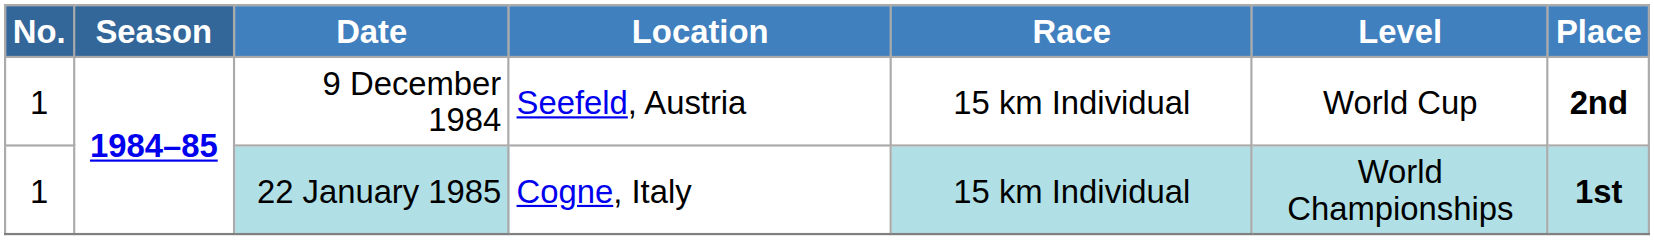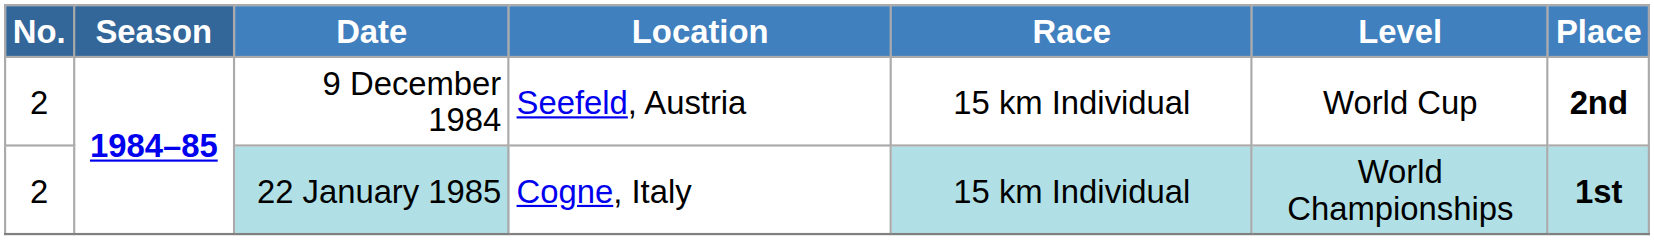 <table class="wikitable sortable" style="font-size:95%; text-align:center; border:grey solid 1px; border-collapse:collapse; background:#ffffff;">
 <tr style="background:#efefef;">
 <th style="background-color:#369; color:white;">No.</th>
 <th style="background-color:#369; color:white;">Season</th>
 <th style="background-color:#4180be; color:white; width:120px;">Date</th>
 <th style="background-color:#4180be; color:white; width:170px;">Location</th>
 <th style="background-color:#4180be; color:white; width:160px;">Race</th>
 <th style="background-color:#4180be; color:white; width:130px;">Level</th>
 <th style="background-color:#4180be; color:white;">Place</th>
 </tr>
 <tr>
-<td align=center>1</td>
+<td align=center>2</td>
 <td rowspan=2 align=center><strong> <a href='#'>1984–85</a> </strong></td>
 <td align=right>9 December 1984</td>
 <td align=left> <a href='#'>Seefeld</a>, Austria</td>
 <td>15 km Individual</td>
 <td>World Cup</td>
 <td><strong>2nd</strong></td>
 </tr>
 <tr>
-<td align=center>1</td>
+<td align=center>2</td>
 <td bgcolor="#BOEOE6" align=right>22 January 1985</td>
 <td align=left> <a href='#'>Cogne</a>, Italy</td>
 <td bgcolor="#BOEOE6">15 km Individual</td>
 <td bgcolor="#BOEOE6">World Championships</td>
 <td bgcolor="#BOEOE6"><strong>1st</strong></td>
 </tr>
 <tr>
 </tr>
 </table>
